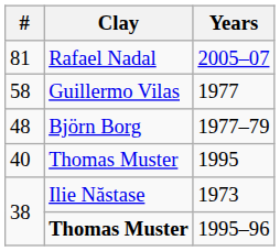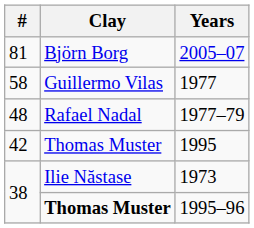 <table class="wikitable" style="display:inline-table; font-size: 88%;">
 <tr>
 <th width=20>#</th>
 <th>Clay</th>
 <th>Years</th>
 </tr>
 <tr>
 <td>81</td>
-<td> <a href='#'>Rafael Nadal</a></td>
+<td> <a href='#'>Björn Borg</a></td>
 <td><a href='#'>2005–07</a></td>
 </tr>
 <tr>
 <td>58</td>
 <td> <a href='#'>Guillermo Vilas</a></td>
 <td>1977</td>
 </tr>
 <tr>
 <td>48</td>
-<td> <a href='#'>Björn Borg</a></td>
+<td> <a href='#'>Rafael Nadal</a></td>
 <td>1977–79</td>
 </tr>
 <tr>
-<td>40</td>
+<td>42</td>
 <td> <a href='#'>Thomas Muster</a></td>
 <td>1995</td>
 </tr>
 <tr>
 <td rowspan=2>38</td>
 <td> <a href='#'>Ilie Năstase</a></td>
 <td>1973</td>
 </tr>
 <tr>
 <td><strong> Thomas Muster</strong></td>
 <td>1995–96</td>
 </tr>
 </table>
